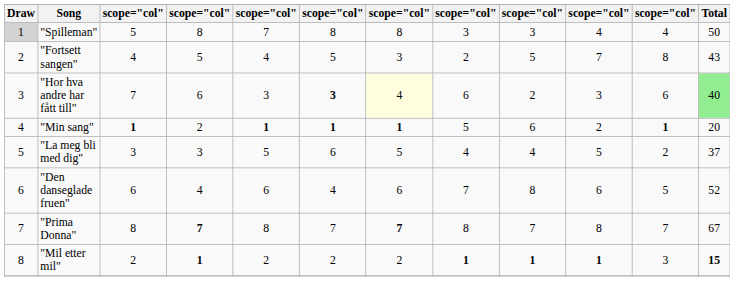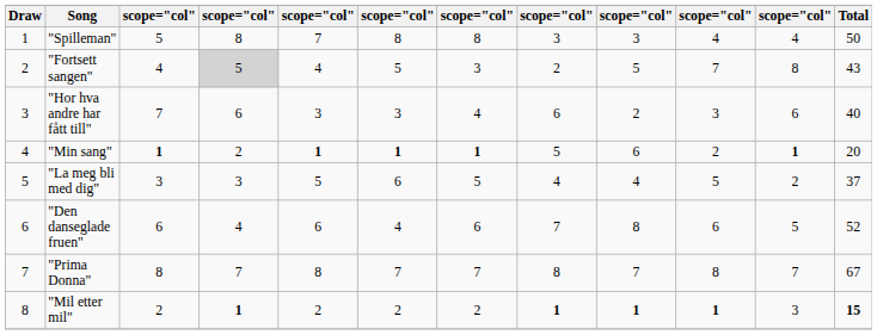 <table class="wikitable plainrowheaders" style="margin: 1em auto 1em auto; text-align:center;">
 <tr>
 </tr>
 <tr>
 <th scope="col">Draw</th>
 <th scope="col">Song</th>
 <th>scope="col" </th>
 <th>scope="col" </th>
 <th>scope="col" </th>
 <th>scope="col" </th>
 <th>scope="col" </th>
 <th>scope="col" </th>
 <th>scope="col" </th>
 <th>scope="col" </th>
 <th>scope="col" </th>
 <th scope="col">Total</th>
 </tr>
 <tr>
-<td style="background: lightgrey;">1</td>
+<td>1</td>
 <td align=left>"Spilleman"</td>
 <td>5</td>
 <td>8</td>
 <td>7</td>
 <td>8</td>
 <td>8</td>
 <td>3</td>
 <td>3</td>
 <td>4</td>
 <td>4</td>
 <td>50</td>
 </tr>
 <tr>
 <td>2</td>
 <td align=left>"Fortsett sangen"</td>
 <td>4</td>
-<td>5</td>
+<td style="background: lightgrey;">5</td>
 <td>4</td>
 <td>5</td>
 <td>3</td>
 <td>2</td>
 <td>5</td>
 <td>7</td>
 <td>8</td>
 <td>43</td>
 </tr>
 <tr>
 <td>3</td>
 <td align=left>"Hor hva andre har fått till"</td>
 <td>7</td>
 <td>6</td>
 <td>3</td>
-<td><strong>3</strong></td>
-<td style="background: lightyellow;">4</td>
+<td>3</td>
+<td>4</td>
 <td>6</td>
 <td>2</td>
 <td>3</td>
 <td>6</td>
-<td style="background: lightgreen;">40</td>
+<td>40</td>
 </tr>
 <tr>
 <td>4</td>
 <td align=left>"Min sang"</td>
 <td><strong>1</strong></td>
 <td>2</td>
 <td><strong>1</strong></td>
 <td><strong>1</strong></td>
 <td><strong>1</strong></td>
 <td>5</td>
 <td>6</td>
 <td>2</td>
 <td><strong>1</strong></td>
 <td>20</td>
 </tr>
 <tr>
 <td>5</td>
 <td align=left>"La meg bli med dig"</td>
 <td>3</td>
 <td>3</td>
 <td>5</td>
 <td>6</td>
 <td>5</td>
 <td>4</td>
 <td>4</td>
 <td>5</td>
 <td>2</td>
 <td>37</td>
 </tr>
 <tr>
 <td>6</td>
 <td align=left>"Den danseglade fruen"</td>
 <td>6</td>
 <td>4</td>
 <td>6</td>
 <td>4</td>
 <td>6</td>
 <td>7</td>
 <td>8</td>
 <td>6</td>
 <td>5</td>
 <td>52</td>
 </tr>
 <tr>
 <td>7</td>
 <td align=left>"Prima Donna"</td>
 <td>8</td>
-<td><strong>7</strong></td>
+<td>7</td>
 <td>8</td>
 <td>7</td>
-<td><strong>7</strong></td>
+<td>7</td>
 <td>8</td>
 <td>7</td>
 <td>8</td>
 <td>7</td>
 <td>67</td>
 </tr>
 <tr>
 <td>8</td>
 <td align=left>"Mil etter mil"</td>
 <td>2</td>
 <td><strong>1</strong></td>
 <td>2</td>
 <td>2</td>
 <td>2</td>
 <td><strong>1</strong></td>
 <td><strong>1</strong></td>
 <td><strong>1</strong></td>
 <td>3</td>
 <td><strong>15</strong></td>
 </tr>
 <tr>
 </tr>
 </table>
